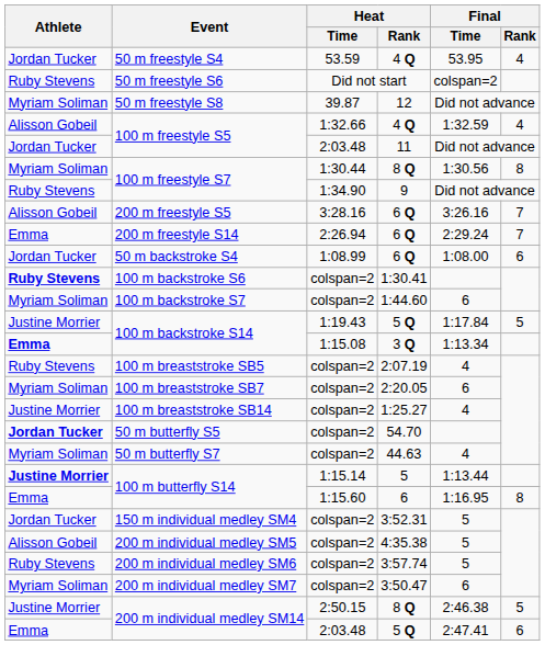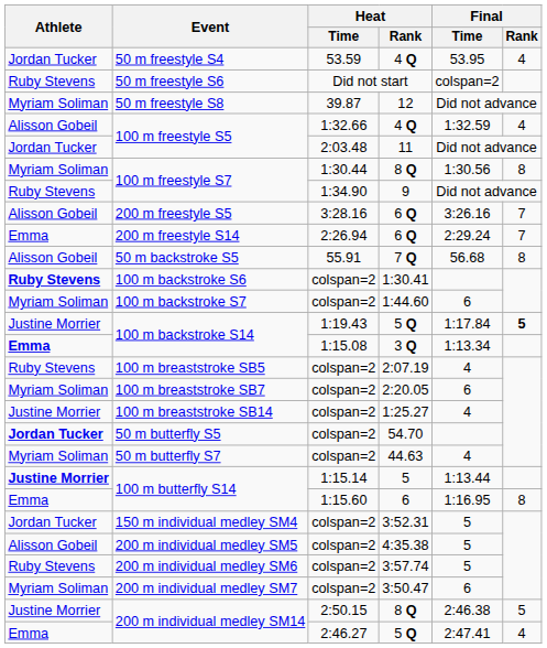 <table class=wikitable style=font-size:90%;text-align:center>
 <tr>
 <th rowspan=2>Athlete</th>
 <th rowspan=2>Event</th>
 <th colspan=2>Heat</th>
 <th colspan=2>Final</th>
 </tr>
 <tr style=font-size:95%>
 <th>Time</th>
 <th>Rank</th>
 <th>Time</th>
 <th>Rank</th>
 </tr>
 <tr align=center>
 <td align=left><a href='#'>Jordan Tucker</a></td>
 <td align=left><a href='#'>50 m freestyle S4</a></td>
 <td>53.59</td>
 <td>4 <strong>Q</strong></td>
 <td>53.95</td>
 <td>4</td>
 </tr>
 <tr align=center>
 <td align=left><a href='#'>Ruby Stevens</a></td>
 <td align=left><a href='#'>50 m freestyle S6</a></td>
 <td colspan=2>Did not start</td>
 <td>colspan=2 </td>
 </tr>
 <tr align=center>
 <td align=left><a href='#'>Myriam Soliman</a></td>
 <td align=left><a href='#'>50 m freestyle S8</a></td>
 <td>39.87</td>
 <td>12</td>
 <td colspan=2>Did not advance</td>
 </tr>
 <tr align=center>
 <td align=left><a href='#'>Alisson Gobeil</a></td>
 <td align=left rowspan=2><a href='#'>100 m freestyle S5</a></td>
 <td>1:32.66</td>
 <td>4 <strong>Q</strong></td>
 <td>1:32.59</td>
 <td>4</td>
 </tr>
 <tr align=center>
 <td align=left><a href='#'>Jordan Tucker</a></td>
 <td>2:03.48</td>
 <td>11</td>
 <td colspan=2>Did not advance</td>
 </tr>
 <tr align=center>
 <td align=left><a href='#'>Myriam Soliman</a></td>
 <td align=left rowspan=2><a href='#'>100 m freestyle S7</a></td>
 <td>1:30.44</td>
 <td>8 <strong>Q</strong></td>
 <td>1:30.56</td>
 <td>8</td>
 </tr>
 <tr align=center>
 <td align=left><a href='#'>Ruby Stevens</a></td>
 <td>1:34.90</td>
 <td>9</td>
 <td colspan=2>Did not advance</td>
 </tr>
 <tr align=center>
 <td align=left><a href='#'>Alisson Gobeil</a></td>
 <td align=left><a href='#'>200 m freestyle S5</a></td>
 <td>3:28.16</td>
 <td>6 <strong>Q</strong></td>
 <td>3:26.16</td>
 <td>7</td>
 </tr>
 <tr align=center>
 <td align=left><a href='#'>Emma </a></td>
 <td align=left><a href='#'>200 m freestyle S14</a></td>
 <td>2:26.94</td>
 <td>6 <strong>Q</strong></td>
 <td>2:29.24</td>
 <td>7</td>
 </tr>
 <tr align=center>
-<td align=left><a href='#'>Jordan Tucker</a></td>
-<td align=left><a href='#'>50 m backstroke S4</a></td>
-<td>1:08.99</td>
-<td>6 <strong>Q</strong></td>
-<td>1:08.00</td>
-<td>6</td>
+<td align=left><a href='#'>Alisson Gobeil</a></td>
+<td align=left><a href='#'>50 m backstroke S5</a></td>
+<td>55.91</td>
+<td>7 <strong>Q</strong></td>
+<td>56.68</td>
+<td>8</td>
 </tr>
 <tr align=center>
 <td align=left><strong><a href='#'>Ruby Stevens</a></strong></td>
 <td align=left><a href='#'>100 m backstroke S6</a></td>
 <td>colspan=2 </td>
 <td>1:30.41</td>
 <td></td>
 </tr>
 <tr align=center>
 <td align=left><a href='#'>Myriam Soliman</a></td>
 <td align=left><a href='#'>100 m backstroke S7</a></td>
 <td>colspan=2 </td>
 <td>1:44.60</td>
 <td>6</td>
 </tr>
 <tr align=center>
 <td align=left><a href='#'>Justine Morrier</a></td>
 <td align=left rowspan=2><a href='#'>100 m backstroke S14</a></td>
 <td>1:19.43</td>
 <td>5 <strong>Q</strong></td>
 <td>1:17.84</td>
-<td>5</td>
+<td><strong>5</strong></td>
 </tr>
 <tr align=center>
 <td align=left><strong><a href='#'>Emma </a></strong></td>
 <td>1:15.08</td>
 <td>3 <strong>Q</strong></td>
 <td>1:13.34</td>
 <td></td>
 </tr>
 <tr align=center>
 <td align=left><a href='#'>Ruby Stevens</a></td>
 <td align=left><a href='#'>100 m breaststroke SB5</a></td>
 <td>colspan=2 </td>
 <td>2:07.19</td>
 <td>4</td>
 </tr>
 <tr align=center>
 <td align=left><a href='#'>Myriam Soliman</a></td>
 <td align=left><a href='#'>100 m breaststroke SB7</a></td>
 <td>colspan=2 </td>
 <td>2:20.05</td>
 <td>6</td>
 </tr>
 <tr align=center>
 <td align=left><a href='#'>Justine Morrier</a></td>
 <td align=left><a href='#'>100 m breaststroke SB14</a></td>
 <td>colspan=2 </td>
 <td>1:25.27</td>
 <td>4</td>
 </tr>
 <tr align=center>
 <td align=left><strong><a href='#'>Jordan Tucker</a></strong></td>
 <td align=left><a href='#'>50 m butterfly S5</a></td>
 <td>colspan=2 </td>
 <td>54.70</td>
 <td></td>
 </tr>
 <tr align=center>
 <td align=left><a href='#'>Myriam Soliman</a></td>
 <td align=left><a href='#'>50 m butterfly S7</a></td>
 <td>colspan=2 </td>
 <td>44.63</td>
 <td>4</td>
 </tr>
 <tr align=center>
 <td align=left><strong><a href='#'>Justine Morrier</a></strong></td>
 <td align=left rowspan=2><a href='#'>100 m butterfly S14</a></td>
 <td>1:15.14</td>
 <td>5</td>
 <td>1:13.44</td>
 <td></td>
 </tr>
 <tr align=center>
 <td align=left><a href='#'>Emma </a></td>
 <td>1:15.60</td>
 <td>6</td>
 <td>1:16.95</td>
 <td>8</td>
 </tr>
 <tr align=center>
 <td align=left><a href='#'>Jordan Tucker</a></td>
 <td align=left><a href='#'>150 m individual medley SM4</a></td>
 <td>colspan=2 </td>
 <td>3:52.31</td>
 <td>5</td>
 </tr>
 <tr align=center>
 <td align=left><a href='#'>Alisson Gobeil</a></td>
 <td align=left><a href='#'>200 m individual medley SM5</a></td>
 <td>colspan=2 </td>
 <td>4:35.38</td>
 <td>5</td>
 </tr>
 <tr align=center>
 <td align=left><a href='#'>Ruby Stevens</a></td>
 <td align=left><a href='#'>200 m individual medley SM6</a></td>
 <td>colspan=2 </td>
 <td>3:57.74</td>
 <td>5</td>
 </tr>
 <tr align=center>
 <td align=left><a href='#'>Myriam Soliman</a></td>
 <td align=left><a href='#'>200 m individual medley SM7</a></td>
 <td>colspan=2 </td>
 <td>3:50.47</td>
 <td>6</td>
 </tr>
 <tr align=center>
 <td align=left><a href='#'>Justine Morrier</a></td>
 <td align=left rowspan=2><a href='#'>200 m individual medley SM14</a></td>
 <td>2:50.15</td>
 <td>8 <strong>Q</strong></td>
 <td>2:46.38</td>
 <td>5</td>
 </tr>
 <tr align=center>
 <td align=left><a href='#'>Emma </a></td>
-<td>2:03.48</td>
+<td>2:46.27</td>
 <td>5 <strong>Q</strong></td>
 <td>2:47.41</td>
-<td>6</td>
+<td>4</td>
 </tr>
 </table>
